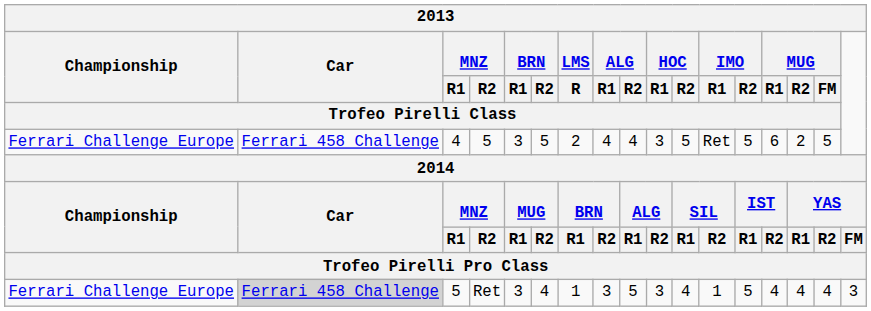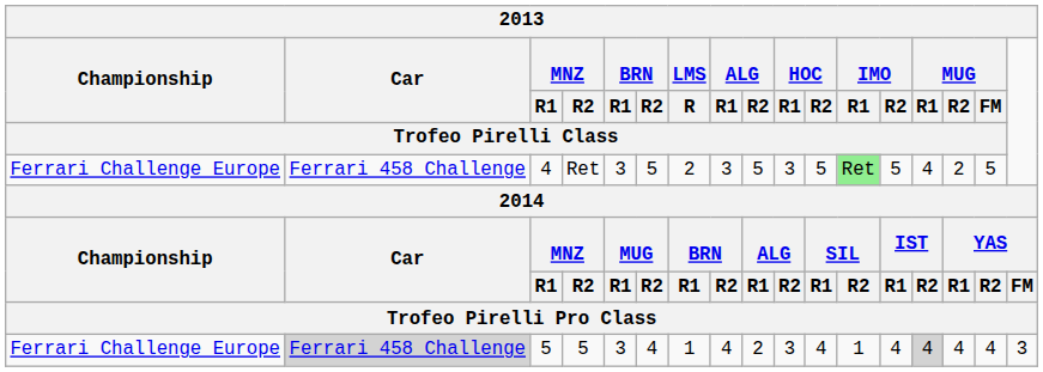 <table class="wikitable" style="font-size:90%; text-align:center">
 <tr>
 <th colspan="17">2013</th>
 </tr>
 <tr>
 <th rowspan="2">Championship</th>
 <th rowspan="2">Car</th>
 <th colspan="2"><br><a href='#'>MNZ</a></th>
 <th colspan="2"><br><a href='#'>BRN</a></th>
 <th><br><a href='#'>LMS</a></th>
 <th colspan="2"><br><a href='#'>ALG</a></th>
 <th colspan="2"><br><a href='#'>HOC</a></th>
 <th colspan="2"><br><a href='#'>IMO</a></th>
 <th colspan="3"><br><a href='#'>MUG</a></th>
 <td rowspan="4"></td>
 </tr>
 <tr>
 <th>R1</th>
 <th>R2</th>
 <th>R1</th>
 <th>R2</th>
 <th>R</th>
 <th>R1</th>
 <th>R2</th>
 <th>R1</th>
 <th>R2</th>
 <th>R1</th>
 <th>R2</th>
 <th>R1</th>
 <th>R2</th>
 <th>FM</th>
 </tr>
 <tr>
 <th colspan="16"><strong>Trofeo Pirelli Class</strong></th>
 </tr>
 <tr>
 <td><a href='#'>Ferrari Challenge Europe</a></td>
 <td><a href='#'>Ferrari 458 Challenge</a></td>
 <td>4</td>
+<td>Ret</td>
+<td>3</td>
+<td>5</td>
+<td>2</td>
+<td>3</td>
 <td>5</td>
 <td>3</td>
 <td>5</td>
-<td>2</td>
+<td style="background: lightgreen;">Ret</td>
+<td>5</td>
 <td>4</td>
-<td>4</td>
-<td>3</td>
-<td>5</td>
-<td>Ret</td>
-<td>5</td>
-<td>6</td>
 <td>2</td>
 <td>5</td>
 </tr>
 <tr>
 <th colspan="17">2014</th>
 </tr>
 <tr>
 <th rowspan="2">Championship</th>
 <th rowspan="2">Car</th>
 <th colspan="2"><br><a href='#'>MNZ</a></th>
 <th colspan="2"><br><a href='#'>MUG</a></th>
 <th colspan="2"><br><a href='#'>BRN</a></th>
 <th colspan="2"><br><a href='#'>ALG</a></th>
 <th colspan="2"><br><a href='#'>SIL</a></th>
 <th colspan="2"><a href='#'>IST</a></th>
 <th colspan="3"><a href='#'>YAS</a></th>
 </tr>
 <tr>
 <th>R1</th>
 <th>R2</th>
 <th>R1</th>
 <th>R2</th>
 <th>R1</th>
 <th>R2</th>
 <th>R1</th>
 <th>R2</th>
 <th>R1</th>
 <th>R2</th>
 <th>R1</th>
 <th>R2</th>
 <th>R1</th>
 <th>R2</th>
 <th>FM</th>
 </tr>
 <tr>
 <th colspan="17"><strong>Trofeo Pirelli Pro Class</strong></th>
 </tr>
 <tr>
 <td><a href='#'>Ferrari Challenge Europe</a></td>
 <td style="background: lightgrey;"><a href='#'>Ferrari 458 Challenge</a></td>
 <td>5</td>
-<td>Ret</td>
-<td>3</td>
-<td>4</td>
-<td>1</td>
-<td>3</td>
 <td>5</td>
 <td>3</td>
 <td>4</td>
 <td>1</td>
-<td>5</td>
 <td>4</td>
+<td>2</td>
+<td>3</td>
+<td>4</td>
+<td>1</td>
+<td>4</td>
+<td style="background: lightgrey;">4</td>
 <td>4</td>
 <td>4</td>
 <td>3</td>
 </tr>
 </table>
